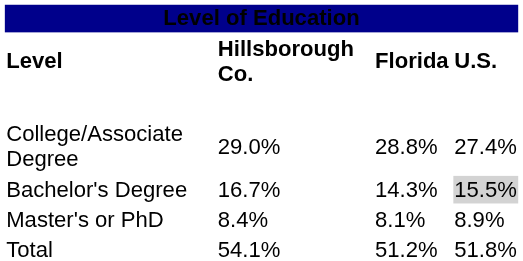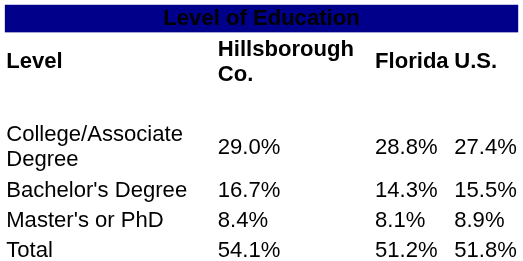 <table width="380" class="toccolours" style="fixed: right; margin-left: 1em;">
 <tr>
 <th colspan="4" style="text-align: center; background:darkblue"><span><strong>Level of Education</strong></span></th>
 </tr>
 <tr>
 <td><strong>Level</strong></td>
 <td><strong>Hillsborough Co.</strong></td>
 <td><strong>Florida</strong></td>
 <td><strong>U.S.</strong></td>
 </tr>
 <tr>
 <td colspan="4"><br></td>
 </tr>
 <tr>
 <td>College/Associate Degree</td>
 <td>29.0%</td>
 <td>28.8%</td>
 <td>27.4%</td>
 </tr>
 <tr>
 <td>Bachelor's Degree</td>
 <td>16.7%</td>
 <td>14.3%</td>
-<td style="background: lightgrey;">15.5%</td>
+<td>15.5%</td>
 </tr>
 <tr>
 <td>Master's or PhD</td>
 <td>8.4%</td>
 <td>8.1%</td>
 <td>8.9%</td>
 </tr>
 <tr>
 <td>Total</td>
 <td>54.1%</td>
 <td>51.2%</td>
 <td>51.8%</td>
 <td></td>
 </tr>
 </table>
